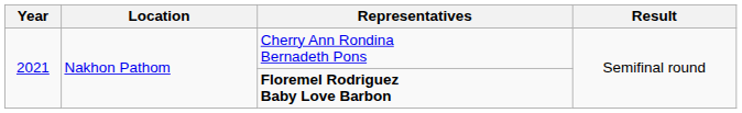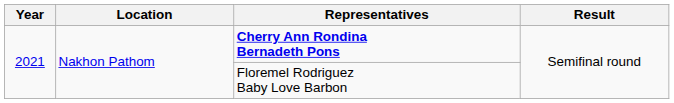 <table class="wikitable" style="font-size:100%; width:50%;">
 <tr>
 <th style= "align=center; width:10em;">Year</th>
 <th style= "align=center; width:65em;">Location</th>
 <th style= "align=center; width:100em;">Representatives</th>
 <th style= "align=center; width:50em;">Result</th>
 </tr>
 <tr>
 <td rowspan=2 align=center><a href='#'>2021</a></td>
 <td rowspan=2> <a href='#'>Nakhon Pathom</a></td>
-<td><a href='#'>Cherry Ann Rondina</a> <br> <a href='#'>Bernadeth Pons</a></td>
+<td><strong><a href='#'>Cherry Ann Rondina</a> <br> <a href='#'>Bernadeth Pons</a></strong></td>
 <td rowspan=2 align=center>Semifinal round</td>
 </tr>
 <tr>
-<td><strong>Floremel Rodriguez <br> Baby Love Barbon</strong></td>
+<td>Floremel Rodriguez <br> Baby Love Barbon</td>
 </tr>
 </table>
